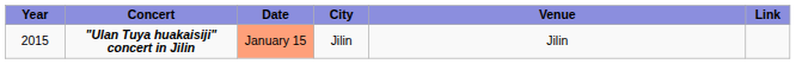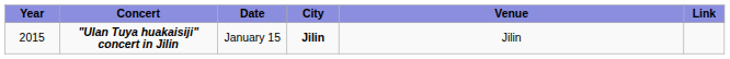 <table class="wikitable sortable mw-collapsible" width="80%" style="text-align:center">
 <tr align="center" style="background:#8B8EDE">
 <td style="width:2%"><strong>Year</strong></td>
 <td style="width:8%"><strong>Concert</strong></td>
 <td style="width:2%"><strong>Date</strong></td>
 <td style="width:2%"><strong>City</strong></td>
 <td style="width:18%"><strong>Venue</strong></td>
 <td style="width:1%"><strong>Link</strong></td>
 </tr>
 <tr>
 <td rowspan="2">2015</td>
 <td rowspan="2"><strong><em>"Ulan Tuya huakaisiji" concert in Jilin</em></strong></td>
-<td style="background: lightsalmon;">January 15</td>
-<td>Jilin</td>
+<td>January 15</td>
+<td><strong>Jilin</strong></td>
 <td>Jilin</td>
 <td></td>
 </tr>
 </table>
